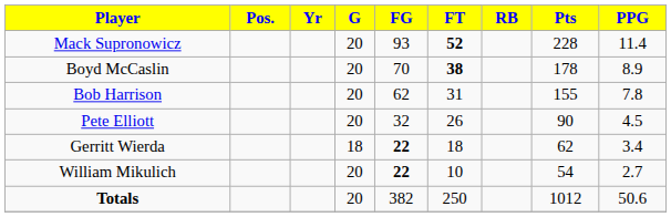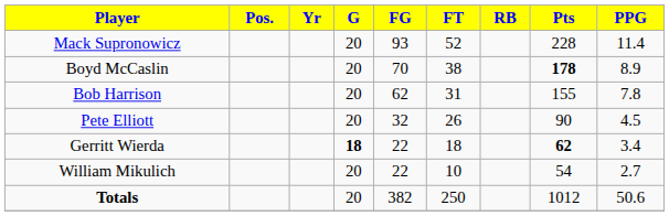 <table class="wikitable" width="650">
 <tr align="center"  style="background:yellow;color:blue;">
 <td><strong>Player</strong></td>
 <td><strong>Pos.</strong></td>
 <td><strong>Yr</strong></td>
 <td><strong>G</strong></td>
 <td><strong>FG</strong></td>
 <td><strong>FT</strong></td>
 <td><strong>RB</strong></td>
 <td><strong>Pts</strong></td>
 <td><strong>PPG</strong></td>
 </tr>
 <tr align="center" bgcolor="">
 <td><a href='#'>Mack Supronowicz</a></td>
 <td></td>
 <td></td>
 <td>20</td>
 <td>93</td>
-<td><strong>52</strong></td>
+<td>52</td>
 <td></td>
 <td>228</td>
 <td>11.4</td>
 </tr>
 <tr align="center" bgcolor="">
 <td>Boyd McCaslin</td>
 <td></td>
 <td></td>
 <td>20</td>
 <td>70</td>
-<td><strong>38</strong></td>
+<td>38</td>
 <td></td>
-<td>178</td>
+<td><strong>178</strong></td>
 <td>8.9</td>
 </tr>
 <tr align="center" bgcolor="">
 <td><a href='#'>Bob Harrison</a></td>
 <td></td>
 <td></td>
 <td>20</td>
 <td>62</td>
 <td>31</td>
 <td></td>
 <td>155</td>
 <td>7.8</td>
 </tr>
 <tr align="center" bgcolor="">
 <td><a href='#'>Pete Elliott</a></td>
 <td></td>
 <td></td>
 <td>20</td>
 <td>32</td>
 <td>26</td>
 <td></td>
 <td>90</td>
 <td>4.5</td>
 </tr>
 <tr align="center" bgcolor="">
 <td>Gerritt Wierda</td>
 <td></td>
 <td></td>
-<td>18</td>
-<td><strong>22</strong></td>
+<td><strong>18</strong></td>
+<td>22</td>
 <td>18</td>
 <td></td>
-<td>62</td>
+<td><strong>62</strong></td>
 <td>3.4</td>
 </tr>
 <tr align="center" bgcolor="">
 <td>William Mikulich</td>
 <td></td>
 <td></td>
 <td>20</td>
-<td><strong>22</strong></td>
+<td>22</td>
 <td>10</td>
 <td></td>
 <td>54</td>
 <td>2.7</td>
 </tr>
 <tr align="center" bgcolor="">
 <td><strong>Totals</strong></td>
 <td></td>
 <td></td>
 <td>20</td>
 <td>382</td>
 <td>250</td>
 <td></td>
 <td>1012</td>
 <td>50.6</td>
 </tr>
 <tr align="center" bgcolor="">
 </tr>
 </table>
